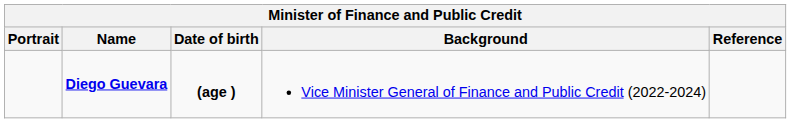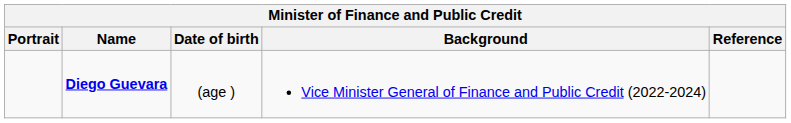 <table class="wikitable collapsible" style="text-align:center;">
 <tr>
 <th colspan="5">Minister of Finance and Public Credit</th>
 </tr>
 <tr>
 <th>Portrait</th>
 <th>Name</th>
 <th>Date of birth</th>
 <th>Background</th>
 <th>Reference</th>
 </tr>
 <tr>
 <td></td>
 <td><strong><a href='#'>Diego Guevara</a></strong></td>
-<td><strong><br>(age )</strong></td>
+<td><br>(age )</td>
 <td><br><ul><li><a href='#'>Vice Minister General of Finance and Public Credit</a> (2022-2024)</li></ul></td>
 <td></td>
 </tr>
 </table>
